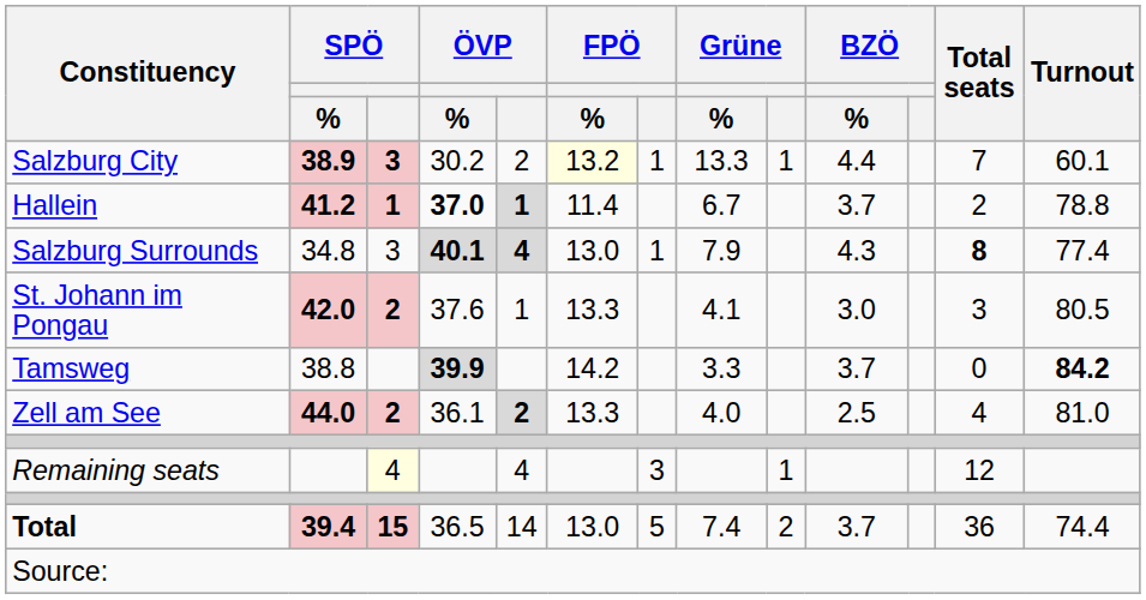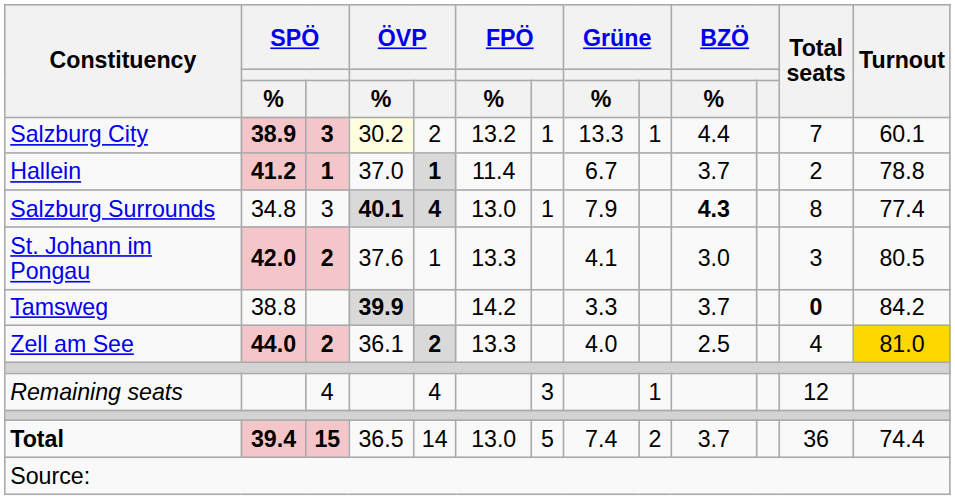 <table class="wikitable" style="text-align:center;font-size:90%;line-height:16px">
 <tr style="height:40px;">
 <th style="width:140px;" rowspan="3">Constituency</th>
 <th style="width:60px;" colspan="2"><a href='#'>SPÖ</a></th>
 <th style="width:60px;" colspan="2"><a href='#'>ÖVP</a></th>
 <th style="width:60px;" colspan="2"><a href='#'>FPÖ</a></th>
 <th style="width:60px;" colspan="2"><a href='#'>Grüne</a></th>
 <th style="width:60px;" colspan="2"><a href='#'>BZÖ</a></th>
 <th class="unsortable" style="width:40px;" rowspan="3">Total<br>seats</th>
 <th class="unsortable" style="width:40px;" rowspan="3">Turnout</th>
 </tr>
 <tr>
 <th colspan="2" style="background:"></th>
 <th colspan="2" style="background:"></th>
 <th colspan="2" style="background:"></th>
 <th colspan="2" style="background:"></th>
 <th colspan="2" style="background:"></th>
 </tr>
 <tr>
 <th class=unsortable>%</th>
 <th class=unsortable></th>
 <th class=unsortable>%</th>
 <th class=unsortable></th>
 <th class=unsortable>%</th>
 <th class=unsortable></th>
 <th class=unsortable>%</th>
 <th class=unsortable></th>
 <th class=unsortable>%</th>
 <th class=unsortable></th>
 </tr>
 <tr>
 <td align=left><a href='#'>Salzburg City</a></td>
 <td bgcolor=#F4C6C9><strong>38.9</strong></td>
 <td bgcolor=#F4C6C9><strong>3</strong></td>
-<td>30.2</td>
+<td style="background: lightyellow;">30.2</td>
 <td>2</td>
-<td style="background: lightyellow;">13.2</td>
+<td>13.2</td>
 <td>1</td>
 <td>13.3</td>
 <td>1</td>
 <td>4.4</td>
 <td></td>
 <td>7</td>
 <td>60.1</td>
 </tr>
 <tr>
 <td align=left><a href='#'>Hallein</a></td>
 <td bgcolor=#F4C6C9><strong>41.2</strong></td>
 <td bgcolor=#F4C6C9><strong>1</strong></td>
-<td><strong>37.0</strong></td>
+<td>37.0</td>
 <td bgcolor=#D9D9D9><strong>1</strong></td>
 <td>11.4</td>
 <td></td>
 <td>6.7</td>
 <td></td>
 <td>3.7</td>
 <td></td>
 <td>2</td>
 <td>78.8</td>
 </tr>
 <tr>
 <td align=left><a href='#'>Salzburg Surrounds</a></td>
 <td>34.8</td>
 <td>3</td>
 <td bgcolor=#D9D9D9><strong>40.1</strong></td>
 <td bgcolor=#D9D9D9><strong>4</strong></td>
 <td>13.0</td>
 <td>1</td>
 <td>7.9</td>
 <td></td>
-<td>4.3</td>
+<td><strong>4.3</strong></td>
 <td></td>
-<td><strong>8</strong></td>
+<td>8</td>
 <td>77.4</td>
 </tr>
 <tr>
 <td align=left><a href='#'>St. Johann im Pongau</a></td>
 <td bgcolor=#F4C6C9><strong>42.0</strong></td>
 <td bgcolor=#F4C6C9><strong>2</strong></td>
 <td>37.6</td>
 <td>1</td>
 <td>13.3</td>
 <td></td>
 <td>4.1</td>
 <td></td>
 <td>3.0</td>
 <td></td>
 <td>3</td>
 <td>80.5</td>
 </tr>
 <tr>
 <td align=left><a href='#'>Tamsweg</a></td>
 <td>38.8</td>
 <td></td>
 <td bgcolor=#D9D9D9><strong>39.9</strong></td>
 <td></td>
 <td>14.2</td>
 <td></td>
 <td>3.3</td>
 <td></td>
 <td>3.7</td>
 <td></td>
-<td>0</td>
-<td><strong>84.2</strong></td>
+<td><strong>0</strong></td>
+<td>84.2</td>
 </tr>
 <tr>
 <td align=left><a href='#'>Zell am See</a></td>
 <td bgcolor=#F4C6C9><strong>44.0</strong></td>
 <td bgcolor=#F4C6C9><strong>2</strong></td>
 <td>36.1</td>
 <td bgcolor=#D9D9D9><strong>2</strong></td>
 <td>13.3</td>
 <td></td>
 <td>4.0</td>
 <td></td>
 <td>2.5</td>
 <td></td>
 <td>4</td>
-<td>81.0</td>
+<td style="background: gold;">81.0</td>
 </tr>
 <tr>
 <td colspan=13 bgcolor=lightgrey></td>
 </tr>
 <tr>
 <td align=left><em>Remaining seats</em></td>
 <td></td>
-<td style="background: lightyellow;">4</td>
+<td>4</td>
 <td></td>
 <td>4</td>
 <td></td>
 <td>3</td>
 <td></td>
 <td>1</td>
 <td></td>
 <td></td>
 <td>12</td>
 <td></td>
 </tr>
 <tr>
 <td colspan=13 bgcolor=lightgrey></td>
 </tr>
 <tr>
 <td align=left><strong>Total</strong></td>
 <td bgcolor=#F4C6C9><strong>39.4</strong></td>
 <td bgcolor=#F4C6C9><strong>15</strong></td>
 <td>36.5</td>
 <td>14</td>
 <td>13.0</td>
 <td>5</td>
 <td>7.4</td>
 <td>2</td>
 <td>3.7</td>
 <td></td>
 <td>36</td>
 <td>74.4</td>
 </tr>
 <tr class=sortbottom>
 <td colspan=13 align=left>Source: </td>
 </tr>
 </table>
